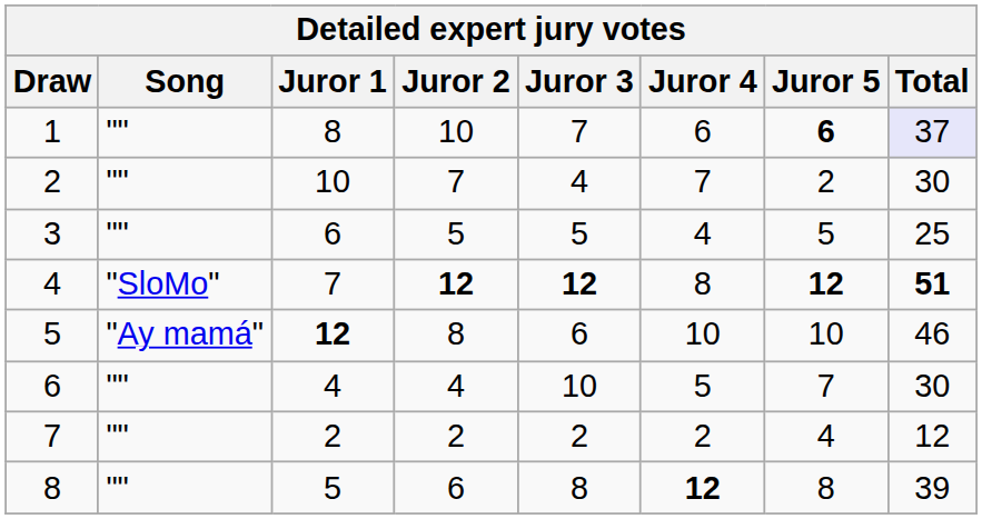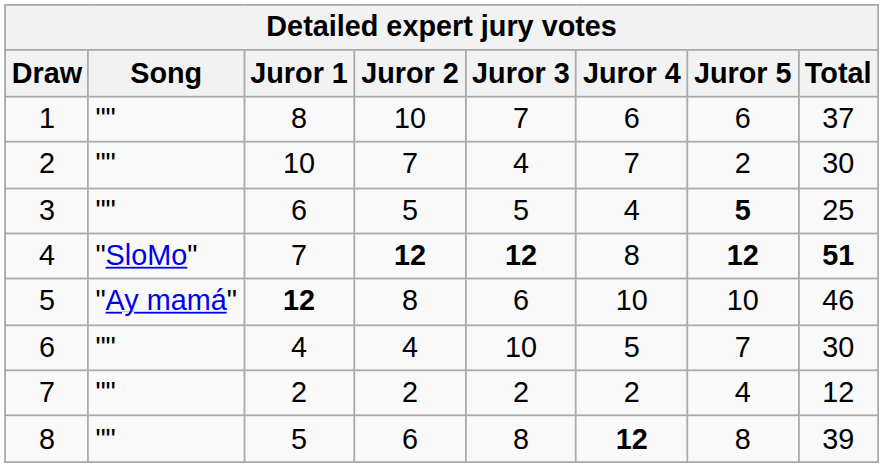 <table class="wikitable collapsible" style="margin: 1em auto 1em auto; text-align:center;">
 <tr>
 <th colspan="8">Detailed expert jury votes</th>
 </tr>
 <tr>
 <th>Draw</th>
 <th>Song</th>
 <th>Juror 1</th>
 <th>Juror 2</th>
 <th>Juror 3</th>
 <th>Juror 4</th>
 <th>Juror 5</th>
 <th>Total</th>
 </tr>
 <tr>
 <td>1</td>
 <td align="left">""</td>
 <td>8</td>
 <td>10</td>
 <td>7</td>
 <td>6</td>
-<td><strong>6</strong></td>
-<td style="background: lavender;">37</td>
+<td>6</td>
+<td>37</td>
 </tr>
 <tr>
 <td>2</td>
 <td align="left">""</td>
 <td>10</td>
 <td>7</td>
 <td>4</td>
 <td>7</td>
 <td>2</td>
 <td>30</td>
 </tr>
 <tr>
 <td>3</td>
 <td align="left">""</td>
 <td>6</td>
 <td>5</td>
 <td>5</td>
 <td>4</td>
-<td>5</td>
+<td><strong>5</strong></td>
 <td>25</td>
 </tr>
 <tr>
 <td>4</td>
 <td align="left">"<a href='#'>SloMo</a>"</td>
 <td>7</td>
 <td><strong>12</strong></td>
 <td><strong>12</strong></td>
 <td>8</td>
 <td><strong>12</strong></td>
 <td><strong>51</strong></td>
 </tr>
 <tr>
 <td>5</td>
 <td align="left">"<a href='#'>Ay mamá</a>"</td>
 <td><strong>12</strong></td>
 <td>8</td>
 <td>6</td>
 <td>10</td>
 <td>10</td>
 <td>46</td>
 </tr>
 <tr>
 <td>6</td>
 <td align="left">""</td>
 <td>4</td>
 <td>4</td>
 <td>10</td>
 <td>5</td>
 <td>7</td>
 <td>30</td>
 </tr>
 <tr>
 <td>7</td>
 <td align="left">""</td>
 <td>2</td>
 <td>2</td>
 <td>2</td>
 <td>2</td>
 <td>4</td>
 <td>12</td>
 </tr>
 <tr>
 <td>8</td>
 <td align="left">""</td>
 <td>5</td>
 <td>6</td>
 <td>8</td>
 <td><strong>12</strong></td>
 <td>8</td>
 <td>39</td>
 </tr>
 </table>
